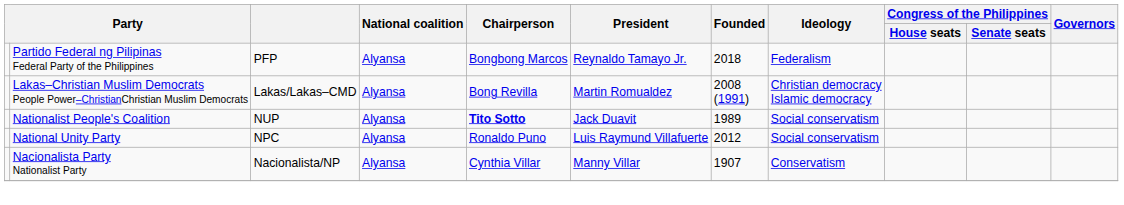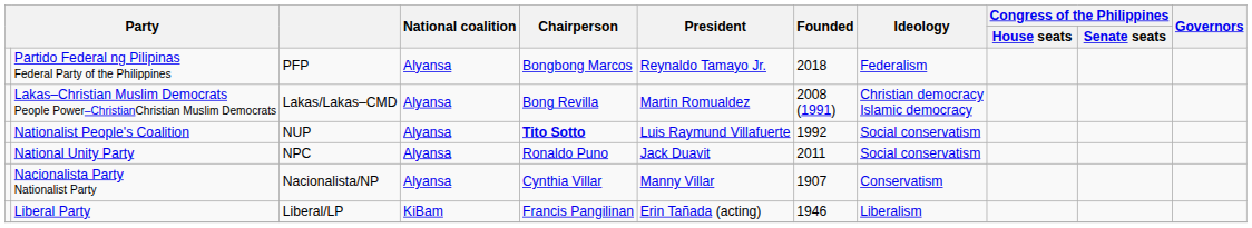 <table class="wikitable sortable">
 <tr>
 <th colspan="2" rowspan="2">Party</th>
 <th rowspan="2"></th>
 <th rowspan="2">National coalition</th>
 <th rowspan="2">Chairperson</th>
 <th rowspan="2">President</th>
 <th rowspan="2">Founded</th>
 <th rowspan="2">Ideology</th>
 <th colspan="2"><a href='#'>Congress of the Philippines</a></th>
 <th rowspan="2"><a href='#'>Governors</a></th>
 </tr>
 <tr>
 <th><a href='#'>House</a> seats</th>
 <th><a href='#'>Senate</a> seats</th>
 </tr>
 <tr>
 <td style="background:"></td>
 <td><a href='#'>Partido Federal ng Pilipinas</a><br><small>Federal Party of the Philippines</small></td>
 <td>PFP</td>
 <td><a href='#'>Alyansa</a></td>
 <td><a href='#'>Bongbong Marcos</a></td>
 <td><a href='#'>Reynaldo Tamayo Jr.</a></td>
 <td>2018</td>
 <td><a href='#'>Federalism</a></td>
 <td></td>
 <td></td>
 <td></td>
 </tr>
 <tr>
 <td style="background:"></td>
 <td><a href='#'>Lakas–Christian Muslim Democrats</a><br><small>People Power<a href='#'>–Christian</a>Christian Muslim Democrats</small></td>
 <td>Lakas/Lakas–CMD</td>
 <td><a href='#'>Alyansa</a></td>
 <td><a href='#'>Bong Revilla</a></td>
 <td><a href='#'>Martin Romualdez</a></td>
 <td>2008<br>(<a href='#'>1991</a>)</td>
 <td><a href='#'>Christian democracy</a><br><a href='#'>Islamic democracy</a></td>
 <td></td>
 <td></td>
 <td></td>
 </tr>
 <tr>
 <td style="background:"></td>
 <td><a href='#'>Nationalist People's Coalition</a></td>
 <td>NUP</td>
 <td><a href='#'>Alyansa</a></td>
 <td><strong><a href='#'>Tito Sotto</a></strong></td>
-<td><a href='#'>Jack Duavit</a></td>
-<td>1989</td>
+<td><a href='#'>Luis Raymund Villafuerte</a></td>
+<td>1992</td>
 <td><a href='#'>Social conservatism</a></td>
 <td></td>
 <td></td>
 <td></td>
 </tr>
 <tr>
 <td style="background:"></td>
 <td><a href='#'>National Unity Party</a></td>
 <td>NPC</td>
 <td><a href='#'>Alyansa</a></td>
 <td><a href='#'>Ronaldo Puno</a></td>
-<td><a href='#'>Luis Raymund Villafuerte</a></td>
-<td>2012</td>
+<td><a href='#'>Jack Duavit</a></td>
+<td>2011</td>
 <td><a href='#'>Social conservatism</a></td>
 <td></td>
 <td></td>
 <td></td>
 </tr>
 <tr>
 <td style="background:"></td>
 <td><a href='#'>Nacionalista Party</a><br><small>Nationalist Party</small></td>
 <td>Nacionalista/NP</td>
 <td><a href='#'>Alyansa</a></td>
 <td><a href='#'>Cynthia Villar</a></td>
 <td><a href='#'>Manny Villar</a></td>
 <td>1907</td>
 <td><a href='#'>Conservatism</a></td>
 <td></td>
 <td></td>
 <td></td>
 </tr>
 <tr>
+<td style="background:"></td>
+<td><a href='#'>Liberal Party</a></td>
+<td>Liberal/LP</td>
+<td><a href='#'>KiBam</a></td>
+<td><a href='#'>Francis Pangilinan</a></td>
+<td><a href='#'>Erin Tañada</a> (acting)</td>
+<td>1946</td>
+<td><a href='#'>Liberalism</a></td>
+<td></td>
+<td></td>
+<td></td>
+</tr>
+<tr>
 </tr>
 </table>
